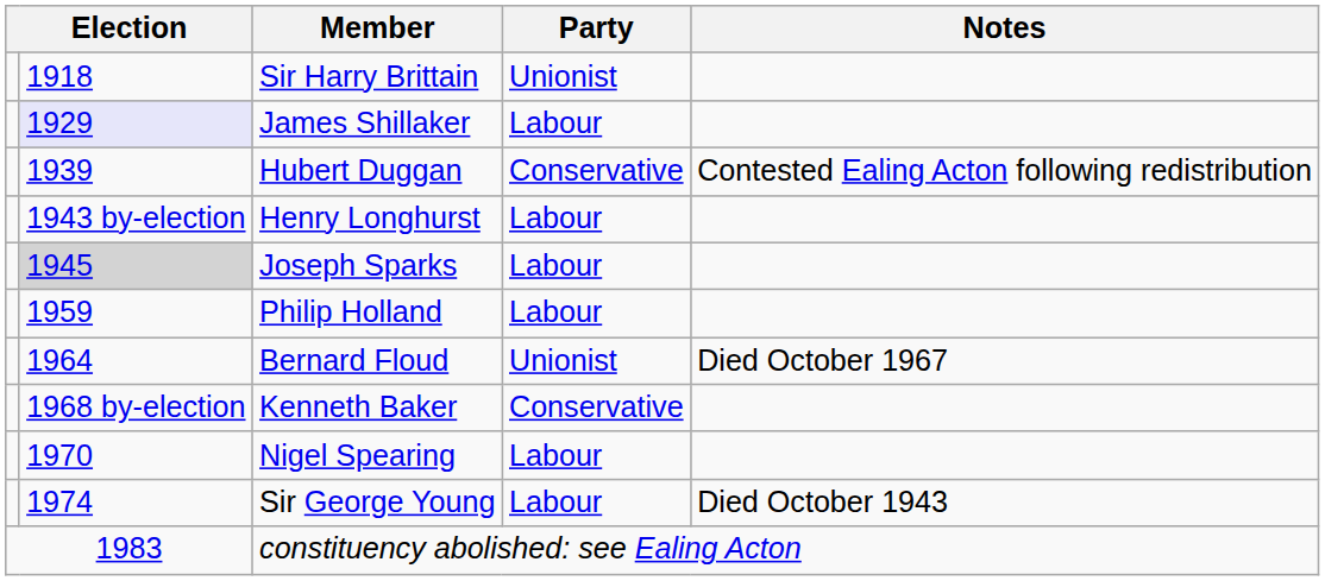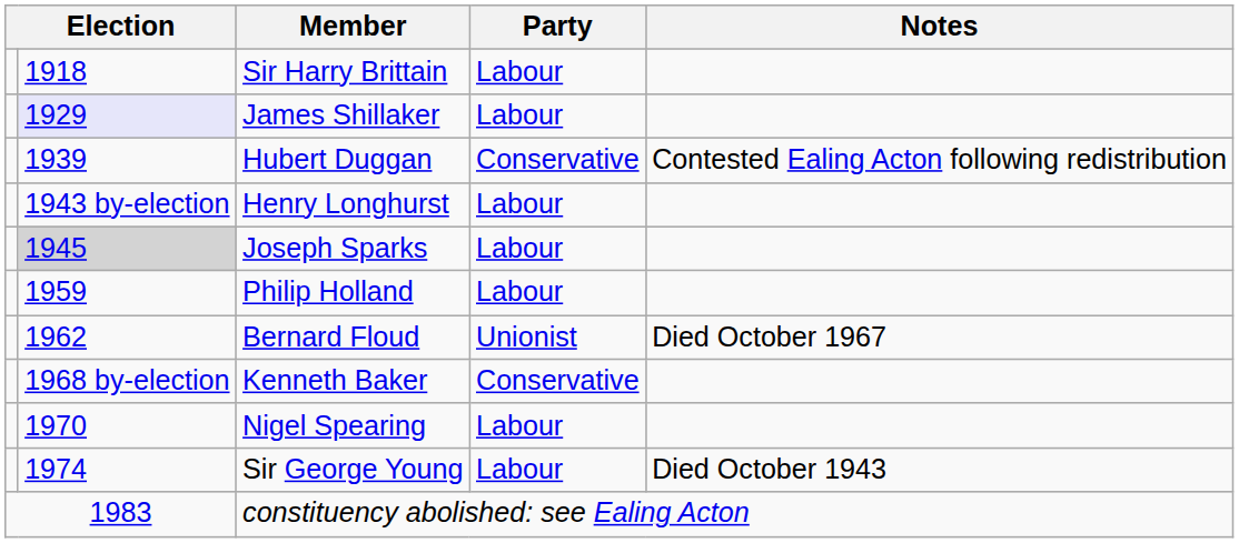 <table class="wikitable">
 <tr>
 <th colspan="2">Election</th>
 <th>Member</th>
 <th>Party</th>
 <th>Notes</th>
 </tr>
 <tr>
 <td style="color:inherit;background-color: "></td>
 <td><a href='#'>1918</a></td>
 <td><a href='#'>Sir Harry Brittain</a></td>
-<td><a href='#'>Unionist</a></td>
+<td><a href='#'>Labour</a></td>
 <td></td>
 </tr>
 <tr>
 <td style="color:inherit;background-color: "></td>
 <td style="background: lavender;"><a href='#'>1929</a></td>
 <td><a href='#'>James Shillaker</a></td>
 <td><a href='#'>Labour</a></td>
 <td></td>
 </tr>
 <tr>
 <td style="color:inherit;background-color: "></td>
 <td><a href='#'>1939</a></td>
 <td><a href='#'>Hubert Duggan</a></td>
 <td><a href='#'>Conservative</a></td>
 <td>Contested <a href='#'>Ealing Acton</a> following redistribution</td>
 </tr>
 <tr>
 <td style="color:inherit;background-color: "></td>
 <td><a href='#'>1943 by-election</a></td>
 <td><a href='#'>Henry Longhurst</a></td>
 <td><a href='#'>Labour</a></td>
 <td></td>
 </tr>
 <tr>
 <td style="color:inherit;background-color: "></td>
 <td style="background: lightgrey;"><a href='#'>1945</a></td>
 <td><a href='#'>Joseph Sparks</a></td>
 <td><a href='#'>Labour</a></td>
 <td></td>
 </tr>
 <tr>
 <td style="color:inherit;background-color: "></td>
 <td><a href='#'>1959</a></td>
 <td><a href='#'>Philip Holland</a></td>
 <td><a href='#'>Labour</a></td>
 <td></td>
 </tr>
 <tr>
 <td style="color:inherit;background-color: "></td>
-<td><a href='#'>1964</a></td>
+<td><a href='#'>1962</a></td>
 <td><a href='#'>Bernard Floud</a></td>
 <td><a href='#'>Unionist</a></td>
 <td>Died October 1967</td>
 </tr>
 <tr>
 <td style="color:inherit;background-color: "></td>
 <td><a href='#'>1968 by-election</a></td>
 <td><a href='#'>Kenneth Baker</a></td>
 <td><a href='#'>Conservative</a></td>
 <td></td>
 </tr>
 <tr>
 <td style="color:inherit;background-color: "></td>
 <td><a href='#'>1970</a></td>
 <td><a href='#'>Nigel Spearing</a></td>
 <td><a href='#'>Labour</a></td>
 <td></td>
 </tr>
 <tr>
 <td style="color:inherit;background-color: "></td>
 <td><a href='#'>1974</a></td>
 <td>Sir <a href='#'>George Young</a></td>
 <td><a href='#'>Labour</a></td>
 <td>Died October 1943</td>
 </tr>
 <tr>
 <td colspan="2" align="center"><a href='#'>1983</a></td>
 <td colspan="3"><em>constituency abolished: see <a href='#'>Ealing Acton</a></em></td>
 </tr>
 </table>
